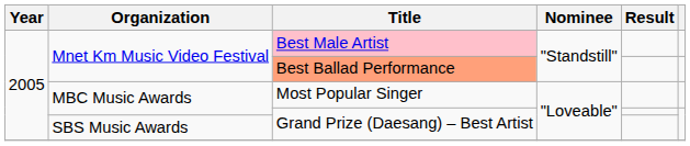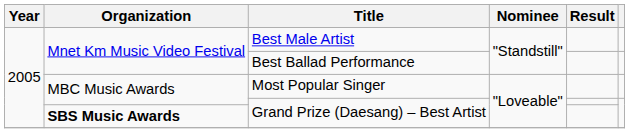 <table class="wikitable plainrowheaders">
 <tr>
 <th scope="col">Year</th>
 <th scope="col">Organization</th>
 <th scope="col">Title</th>
 <th>Nominee</th>
 <th scope="col">Result</th>
 <th class="unsortable"></th>
 </tr>
 <tr>
 <td rowspan="5">2005</td>
 <td rowspan="2"><a href='#'>Mnet Km Music Video Festival</a></td>
-<td style="background: pink;"><a href='#'>Best Male Artist</a></td>
+<td><a href='#'>Best Male Artist</a></td>
 <td rowspan="2">"Standstill"</td>
 <td></td>
 <td align="center"></td>
 </tr>
 <tr>
-<td style="background: lightsalmon;">Best Ballad Performance</td>
+<td>Best Ballad Performance</td>
 <td></td>
 <td></td>
 </tr>
 <tr>
 <td rowspan="2">MBC Music Awards</td>
 <td>Most Popular Singer</td>
 <td rowspan="3">"Loveable"</td>
 <td></td>
 <td align="center"></td>
 </tr>
 <tr>
 <td rowspan="2">Grand Prize (Daesang) – Best Artist</td>
 <td></td>
 <td rowspan="2" align="center"></td>
 </tr>
 <tr>
-<td>SBS Music Awards</td>
+<td><strong>SBS Music Awards</strong></td>
 <td></td>
 </tr>
 <tr>
 </tr>
 </table>
